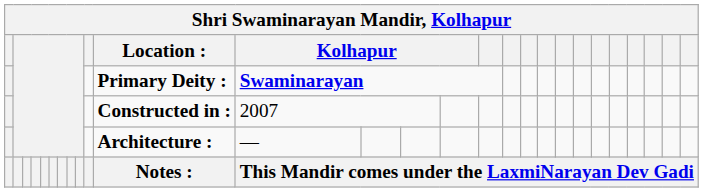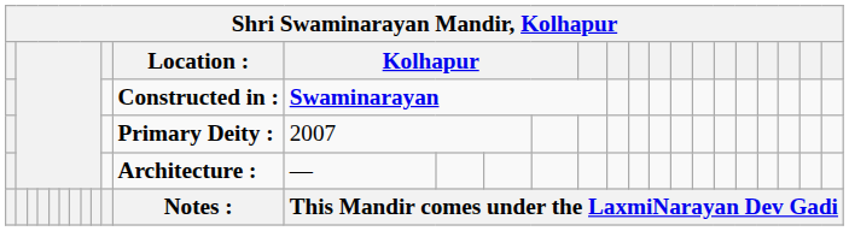 <table class="wikitable">
 <tr>
 <th colspan="27">Shri Swaminarayan Mandir, <a href='#'>Kolhapur</a></th>
 </tr>
 <tr>
 <th></th>
 <th colspan="8" rowspan="4"></th>
 <th></th>
 <th>Location :</th>
 <th colspan="4"><a href='#'>Kolhapur</a></th>
 <th></th>
 <th></th>
 <th></th>
 <th></th>
 <th></th>
 <th></th>
 <th></th>
 <th></th>
 <th></th>
 <th></th>
 <th></th>
 <th></th>
 </tr>
 <tr>
 <th></th>
 <td></td>
-<td><strong>Primary Deity :</strong></td>
+<td><strong>Constructed in :</strong></td>
 <td colspan="5"><strong><a href='#'>Swaminarayan</a></strong></td>
 <td></td>
 <td></td>
 <td></td>
 <td></td>
 <td></td>
 <td></td>
 <td></td>
 <td></td>
 <td></td>
 <td></td>
 <td></td>
 </tr>
 <tr>
 <th></th>
 <td></td>
-<td><strong>Constructed in :</strong></td>
+<td><strong>Primary Deity :</strong></td>
 <td colspan="3">2007</td>
 <td></td>
 <td></td>
 <td></td>
 <td></td>
 <td></td>
 <td></td>
 <td></td>
 <td></td>
 <td></td>
 <td></td>
 <td></td>
 <td></td>
 <td></td>
 </tr>
 <tr>
 <th></th>
 <td></td>
 <td><strong>Architecture :</strong></td>
 <td>―</td>
 <td></td>
 <td></td>
 <td></td>
 <td></td>
 <td></td>
 <td></td>
 <td></td>
 <td></td>
 <td></td>
 <td></td>
 <td></td>
 <td></td>
 <td></td>
 <td></td>
 <td></td>
 </tr>
 <tr>
 <th></th>
 <th></th>
 <th></th>
 <th></th>
 <th></th>
 <th></th>
 <th></th>
 <th></th>
 <th></th>
 <th></th>
 <th>Notes :</th>
 <th colspan="16">This Mandir comes under the <a href='#'>LaxmiNarayan Dev Gadi</a></th>
 </tr>
 </table>
